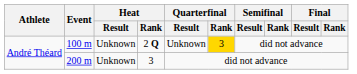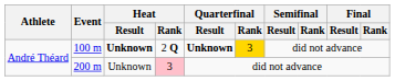 <table class="wikitable" style="font-size:90%">
 <tr>
 <th rowspan=2>Athlete</th>
 <th rowspan=2>Event</th>
 <th colspan=2>Heat</th>
 <th colspan=2>Quarterfinal</th>
 <th colspan=2>Semifinal</th>
 <th colspan=2>Final</th>
 </tr>
 <tr style="font-size:95%">
 <th>Result</th>
 <th>Rank</th>
 <th>Result</th>
 <th>Rank</th>
 <th>Result</th>
 <th>Rank</th>
 <th>Result</th>
 <th>Rank</th>
 </tr>
 <tr align=center>
 <td align=left rowspan=2><a href='#'>André Théard</a></td>
 <td align=left><a href='#'>100 m</a></td>
-<td>Unknown</td>
+<td><strong>Unknown</strong></td>
 <td>2 <strong>Q</strong></td>
-<td>Unknown</td>
+<td><strong>Unknown</strong></td>
 <td style="background: gold;">3</td>
 <td colspan=4>did not advance</td>
 </tr>
 <tr align=center>
 <td align=left><a href='#'>200 m</a></td>
 <td>Unknown</td>
-<td>3</td>
+<td style="background: pink;">3</td>
 <td colspan=6>did not advance</td>
 </tr>
 </table>
